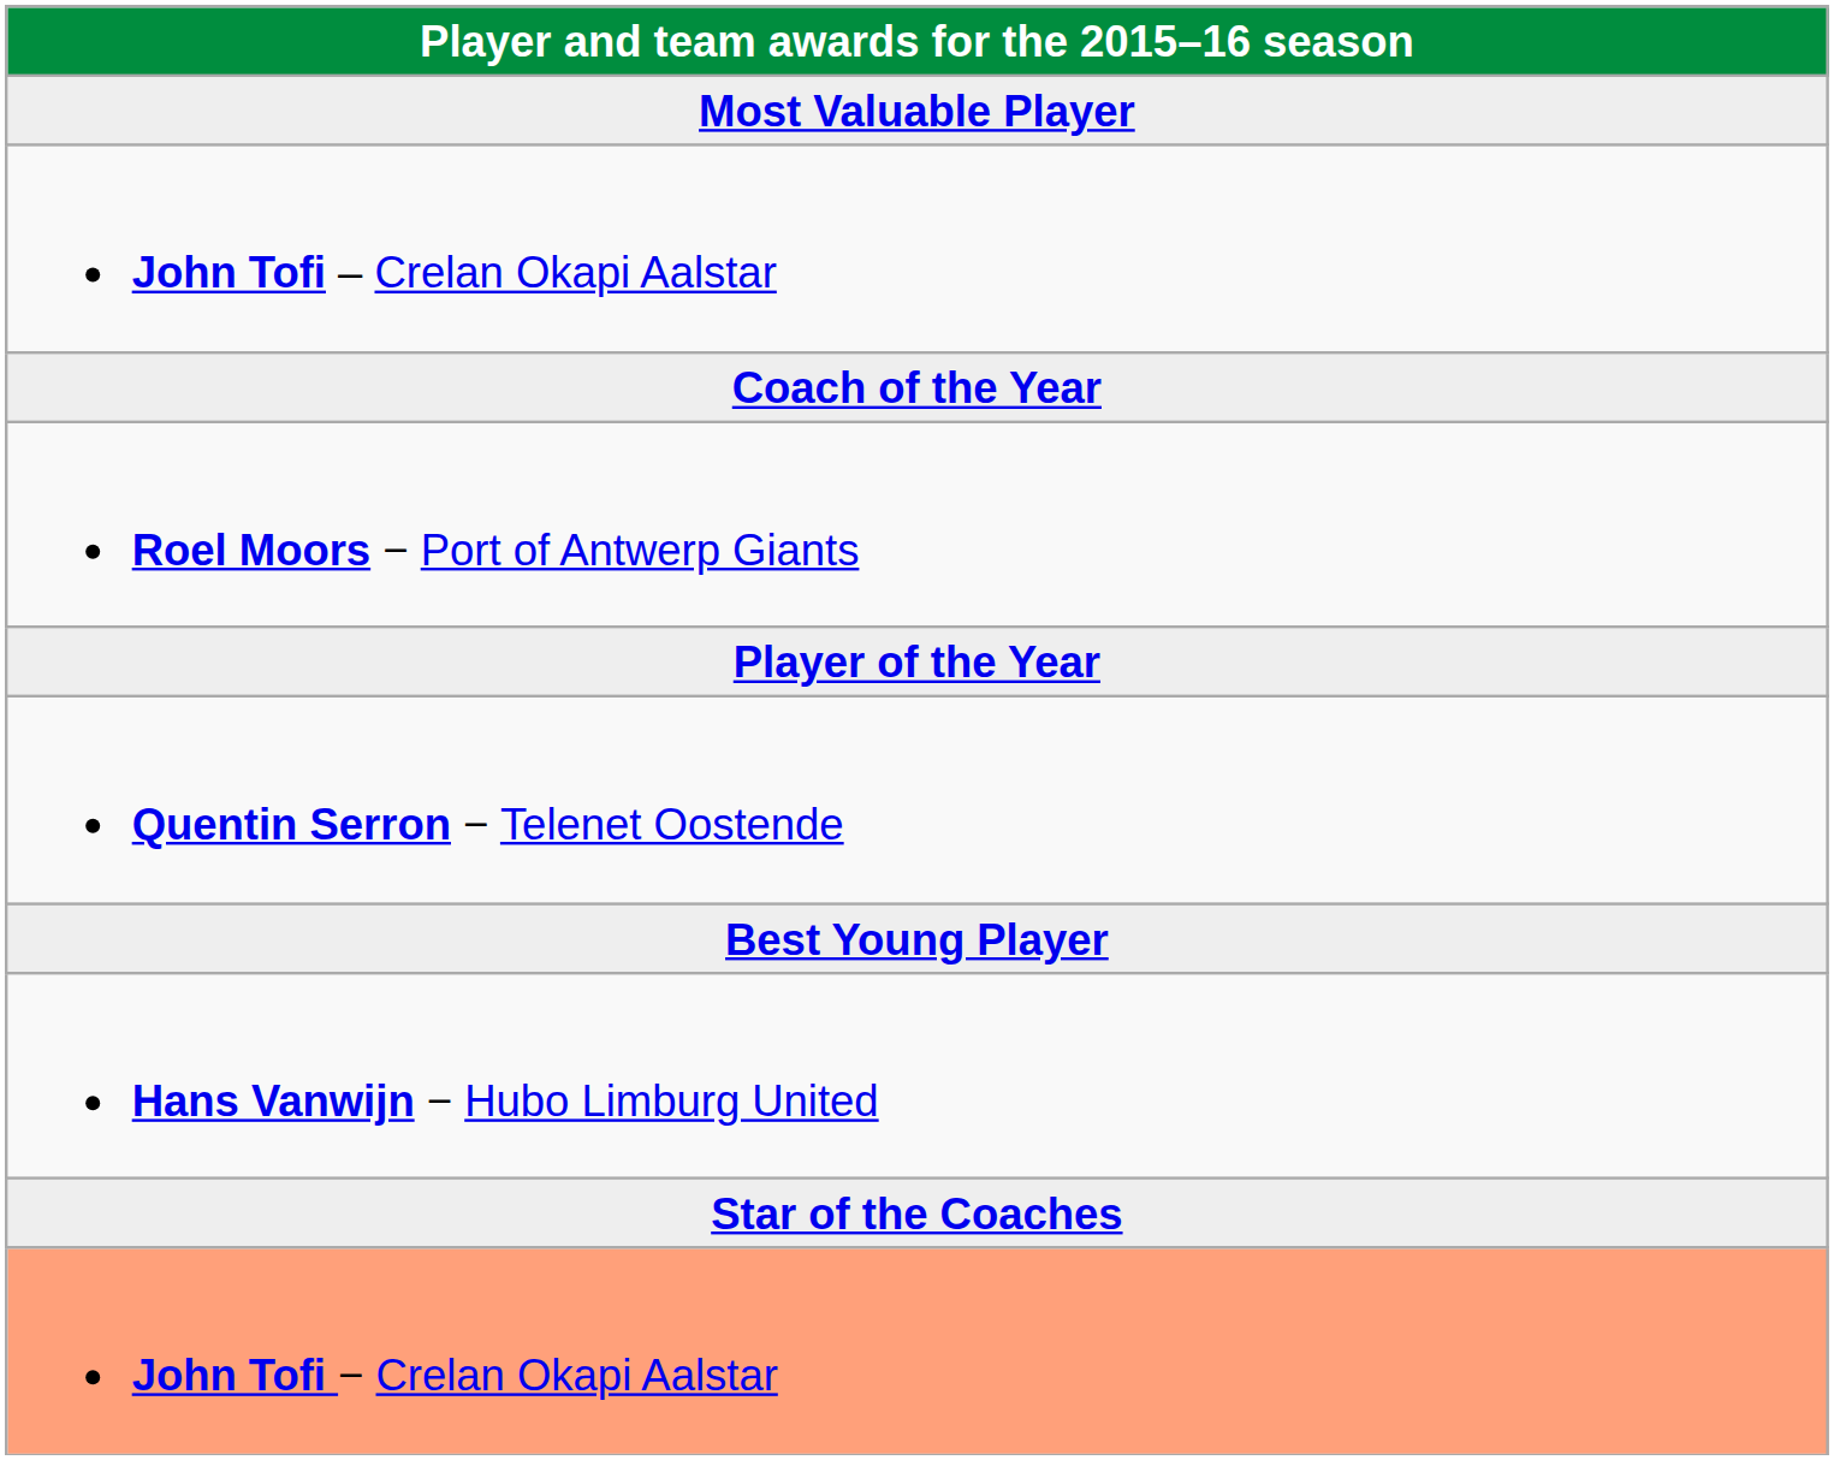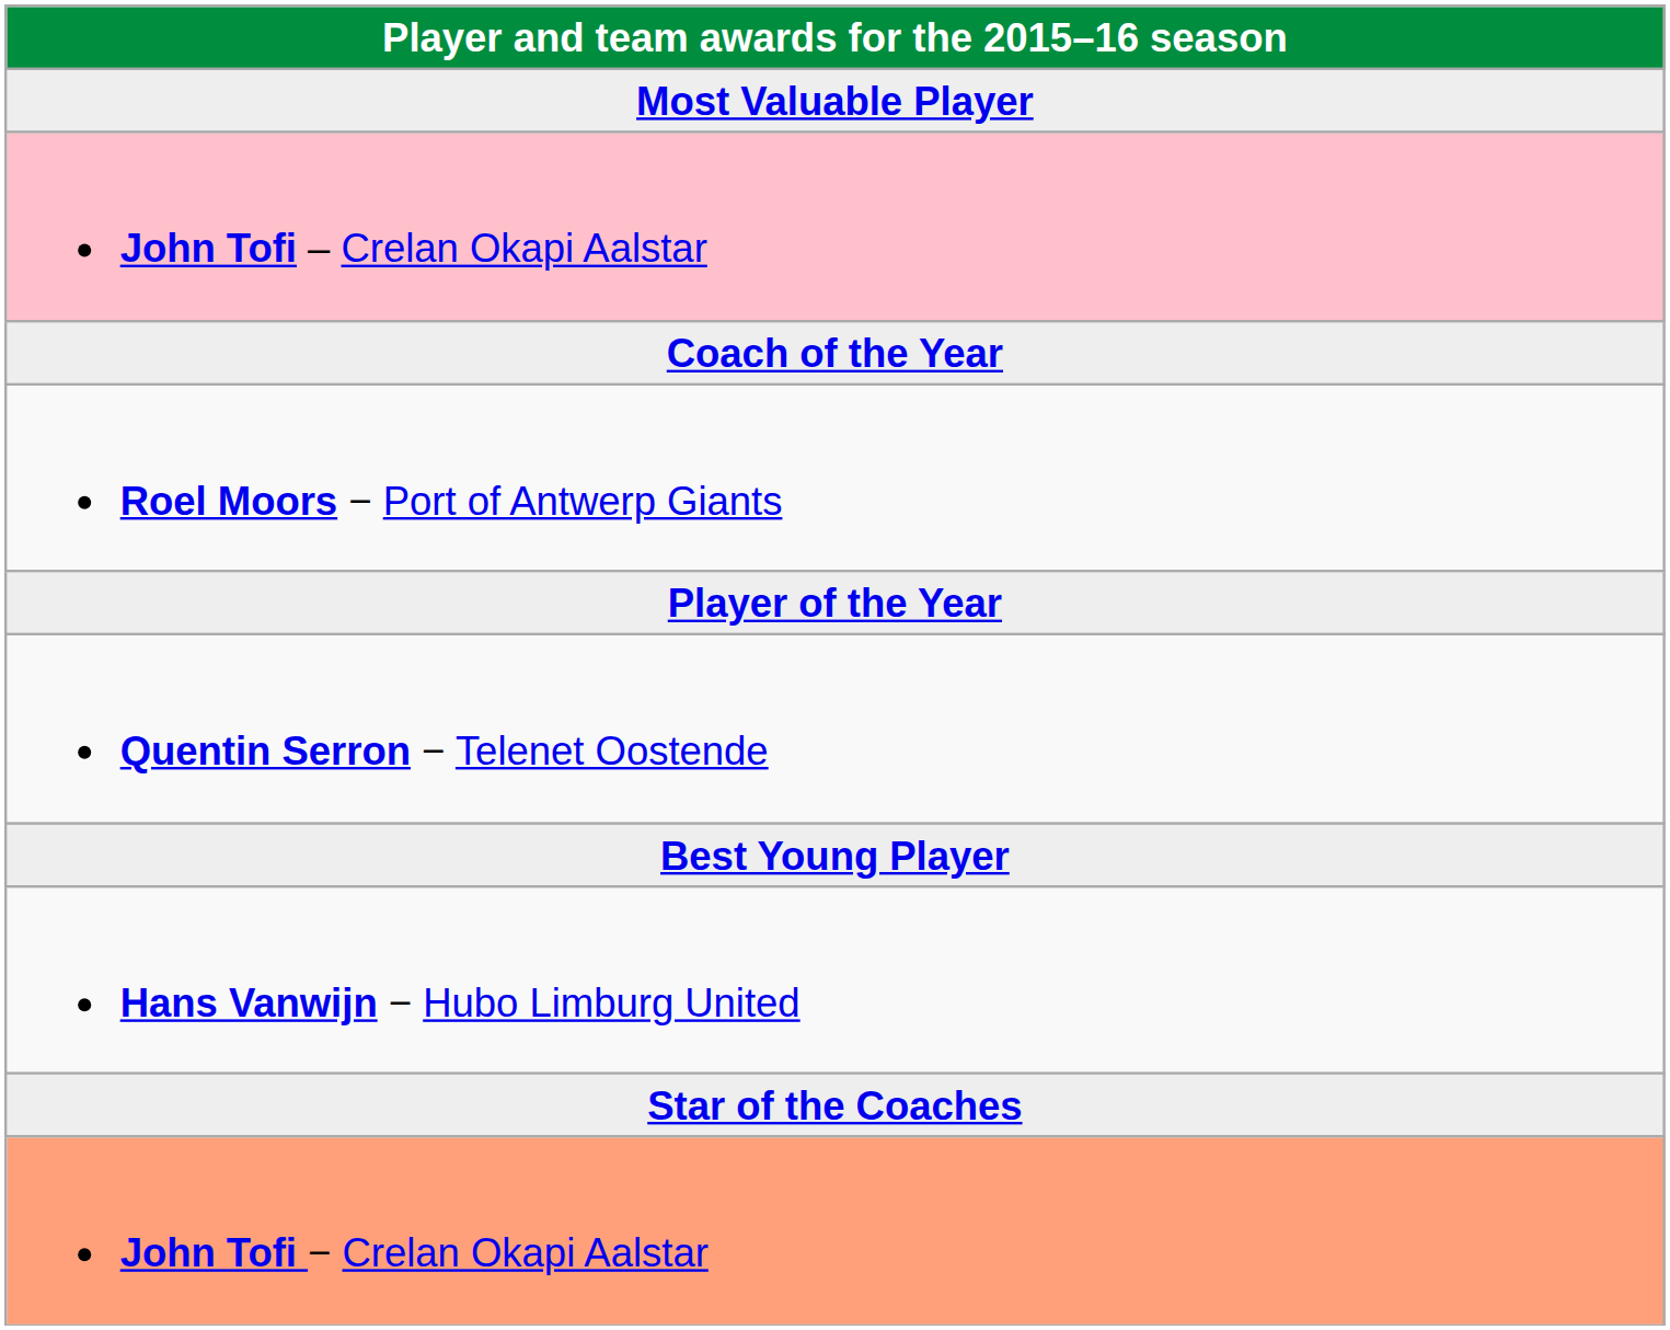 <table class="wikitable"  style="width:50%; font-size:95%;">
 <tr>
 <th style="background:#008d3e; color:#fff;">Player and team awards for the 2015–16 season</th>
 </tr>
 <tr>
 <th style="background:#eee; color:#fff;"><a href='#'>Most Valuable Player</a></th>
 </tr>
 <tr>
-<td valign="top"><br><ul><li> <strong><a href='#'>John Tofi</a></strong> – <a href='#'>Crelan Okapi Aalstar</a></li></ul></td>
+<td valign="top" style="background: pink;"><br><ul><li> <strong><a href='#'>John Tofi</a></strong> – <a href='#'>Crelan Okapi Aalstar</a></li></ul></td>
 </tr>
 <tr>
 <th style="background:#eee;"><a href='#'>Coach of the Year</a></th>
 </tr>
 <tr>
 <td valign="top"><br><ul><li> <strong><a href='#'>Roel Moors</a></strong> − <a href='#'>Port of Antwerp Giants</a></li></ul></td>
 </tr>
 <tr>
 <th style="background:#eee;"><a href='#'>Player of the Year</a></th>
 </tr>
 <tr>
 <td valign="top"><br><ul><li><strong> <a href='#'>Quentin Serron</a></strong> − <a href='#'>Telenet Oostende</a></li></ul></td>
 </tr>
 <tr>
 <th style="background:#eee;"><a href='#'>Best Young Player</a></th>
 </tr>
 <tr>
 <td valign="top"><br><ul><li> <strong><a href='#'>Hans Vanwijn</a></strong> − <a href='#'>Hubo Limburg United</a></li></ul></td>
 </tr>
 <tr>
 <th style="background:#eee;"><a href='#'>Star of the Coaches</a></th>
 </tr>
 <tr>
 <td valign="top" style="background: lightsalmon;"><br><ul><li><strong> <a href='#'>John Tofi </a></strong> − <a href='#'>Crelan Okapi Aalstar</a></li></ul></td>
 </tr>
 </table>
